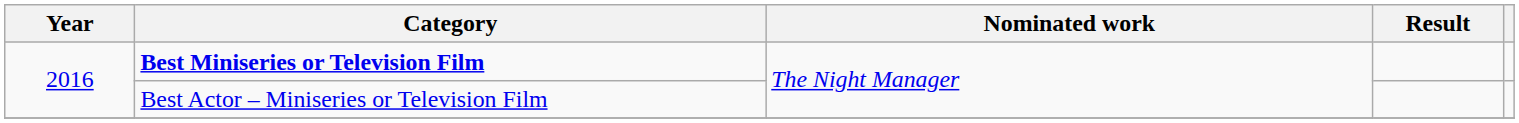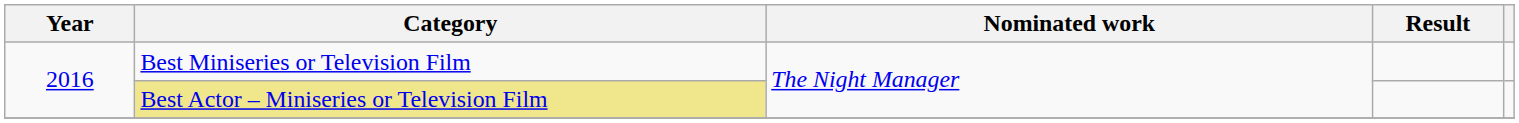 <table class=wikitable>
 <tr>
 <th scope="col" style="width:5em;">Year</th>
 <th scope="col" style="width:26em;">Category</th>
 <th scope="col" style="width:25em;">Nominated work</th>
 <th scope="col" style="width:5em;">Result</th>
 <th></th>
 </tr>
 <tr>
 <td style="text-align:center;", scope="row", rowspan=2><a href='#'>2016</a></td>
-<td><strong><a href='#'>Best Miniseries or Television Film</a></strong></td>
+<td><a href='#'>Best Miniseries or Television Film</a></td>
 <td rowspan=2><em><a href='#'>The Night Manager</a></em></td>
 <td></td>
 <td></td>
 </tr>
 <tr>
-<td><a href='#'>Best Actor – Miniseries or Television Film</a></td>
+<td style="background: khaki;"><a href='#'>Best Actor – Miniseries or Television Film</a></td>
 <td></td>
 <td></td>
 </tr>
 <tr>
 </tr>
 </table>
